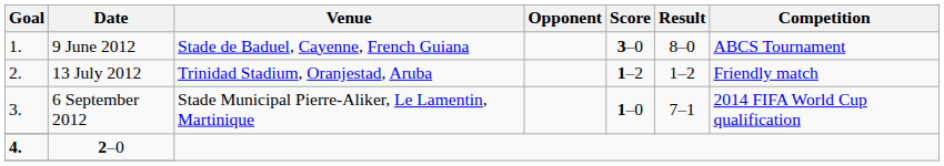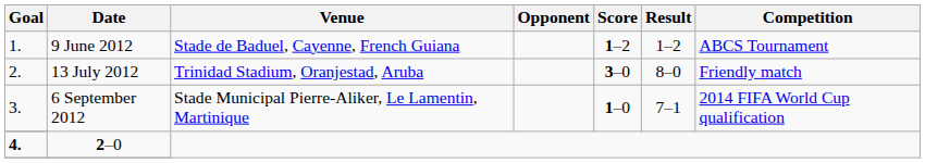 <table class="wikitable collapsible">
 <tr>
 <th>Goal</th>
 <th>Date</th>
 <th>Venue</th>
 <th>Opponent</th>
 <th>Score</th>
 <th>Result</th>
 <th>Competition</th>
 </tr>
 <tr>
 <td>1.</td>
 <td>9 June 2012</td>
 <td><a href='#'>Stade de Baduel</a>, <a href='#'>Cayenne</a>, <a href='#'>French Guiana</a></td>
 <td></td>
-<td style="text-align:center;"><strong>3</strong>–0</td>
-<td style="text-align:center;">8–0</td>
+<td style="text-align:center;"><strong>1</strong>–2</td>
+<td style="text-align:center;">1–2</td>
 <td><a href='#'>ABCS Tournament</a></td>
 </tr>
 <tr>
 <td>2.</td>
 <td>13 July 2012</td>
 <td><a href='#'>Trinidad Stadium</a>, <a href='#'>Oranjestad</a>, <a href='#'>Aruba</a></td>
 <td></td>
-<td style="text-align:center;"><strong>1</strong>–2</td>
-<td style="text-align:center;">1–2</td>
+<td style="text-align:center;"><strong>3</strong>–0</td>
+<td style="text-align:center;">8–0</td>
 <td><a href='#'>Friendly match</a></td>
 </tr>
 <tr>
 <td>3.</td>
 <td rowspan=2>6 September 2012</td>
 <td rowspan=2>Stade Municipal Pierre-Aliker, <a href='#'>Le Lamentin</a>, <a href='#'>Martinique</a></td>
 <td rowspan=2></td>
 <td style="text-align:center;"><strong>1</strong>–0</td>
 <td rowspan=2 style="text-align:center;">7–1</td>
 <td rowspan=2><a href='#'>2014 FIFA World Cup qualification</a></td>
 </tr>
 <tr>
 </tr>
 <tr>
 <td><strong>4.</strong></td>
 <td style="text-align:center;"><strong>2</strong>–0</td>
 </tr>
 <tr>
 </tr>
 </table>
